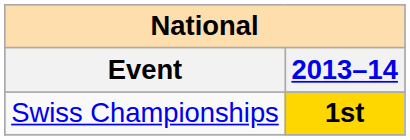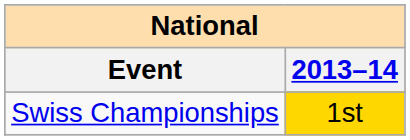 <table class="wikitable" style="text-align:center">
 <tr>
 <th style="background-color: #ffdead; " colspan=2 align=center>National</th>
 </tr>
 <tr>
 <th>Event</th>
 <th><a href='#'>2013–14</a></th>
 </tr>
 <tr>
 <td align=left><a href='#'>Swiss Championships</a></td>
-<td bgcolor=gold><strong>1st</strong></td>
+<td bgcolor=gold>1st</td>
 </tr>
 </table>
